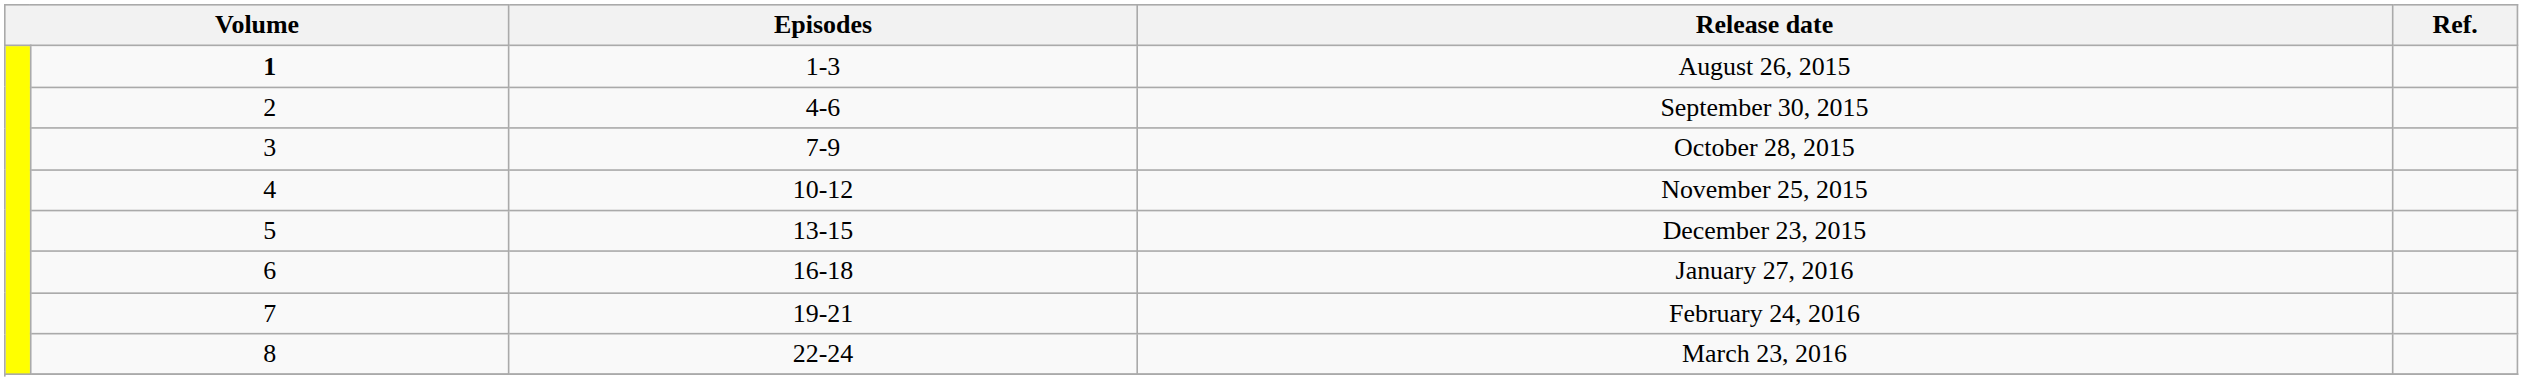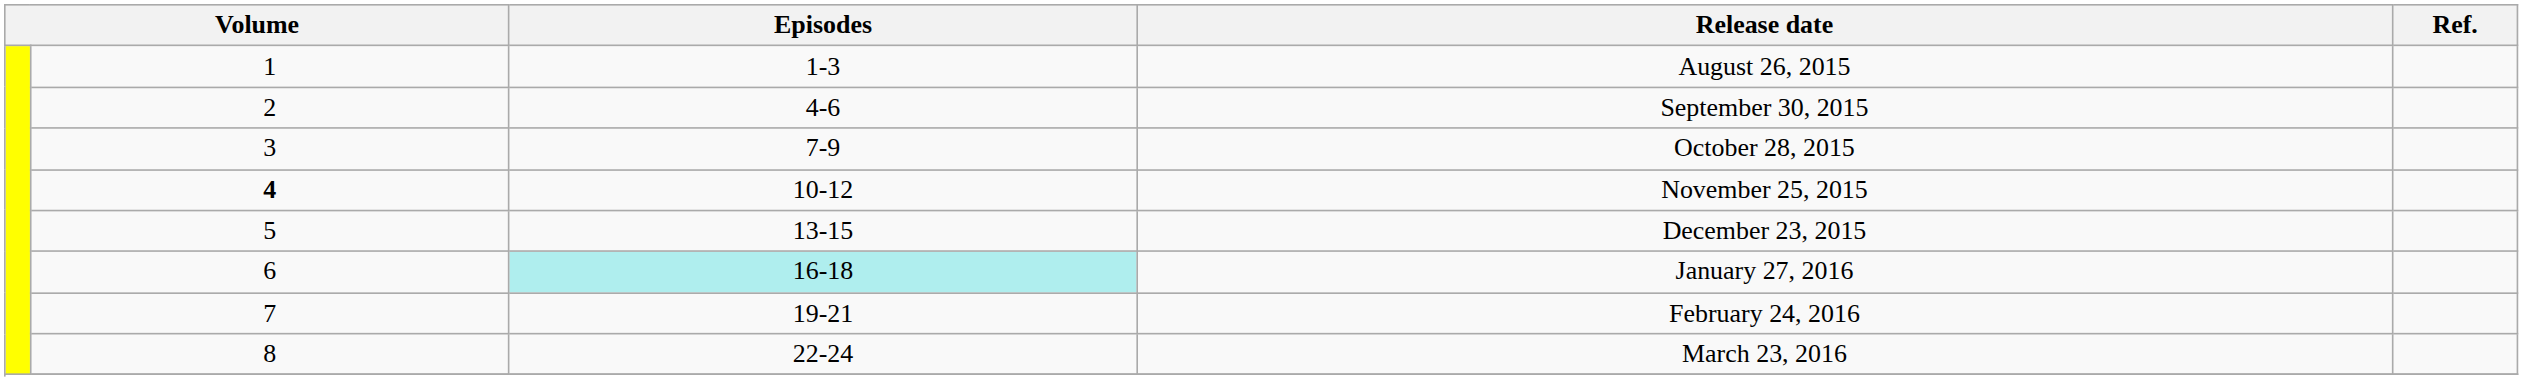 <table class="wikitable" style="text-align: center; width: 98%;">
 <tr>
 <th colspan="2">Volume</th>
 <th>Episodes</th>
 <th>Release date</th>
 <th width="5%">Ref.</th>
 </tr>
 <tr>
 <td rowspan="10" width="1%" style="background: yellow;"></td>
-<td><strong>1</strong></td>
+<td>1</td>
 <td>1-3</td>
 <td>August 26, 2015</td>
 <td></td>
 </tr>
 <tr>
 <td>2</td>
 <td>4-6</td>
 <td>September 30, 2015</td>
 <td></td>
 </tr>
 <tr>
 <td>3</td>
 <td>7-9</td>
 <td>October 28, 2015</td>
 <td></td>
 </tr>
 <tr>
-<td>4</td>
+<td><strong>4</strong></td>
 <td>10-12</td>
 <td>November 25, 2015</td>
 <td></td>
 </tr>
 <tr>
 <td>5</td>
 <td>13-15</td>
 <td>December 23, 2015</td>
 <td></td>
 </tr>
 <tr>
 <td>6</td>
-<td>16-18</td>
+<td style="background: paleturquoise;">16-18</td>
 <td>January 27, 2016</td>
 <td></td>
 </tr>
 <tr>
 <td>7</td>
 <td>19-21</td>
 <td>February 24, 2016</td>
 <td></td>
 </tr>
 <tr>
 <td>8</td>
 <td>22-24</td>
 <td>March 23, 2016</td>
 <td></td>
 </tr>
 <tr>
 </tr>
 </table>
